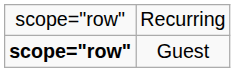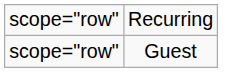 <table class="wikitable plainrowheaders" style="text-align:center;">
 <tr>
 <td>scope="row" </td>
 <td>Recurring</td>
 </tr>
 <tr>
-<td><strong>scope="row" </strong></td>
+<td>scope="row" </td>
 <td>Guest</td>
 </tr>
 </table>
